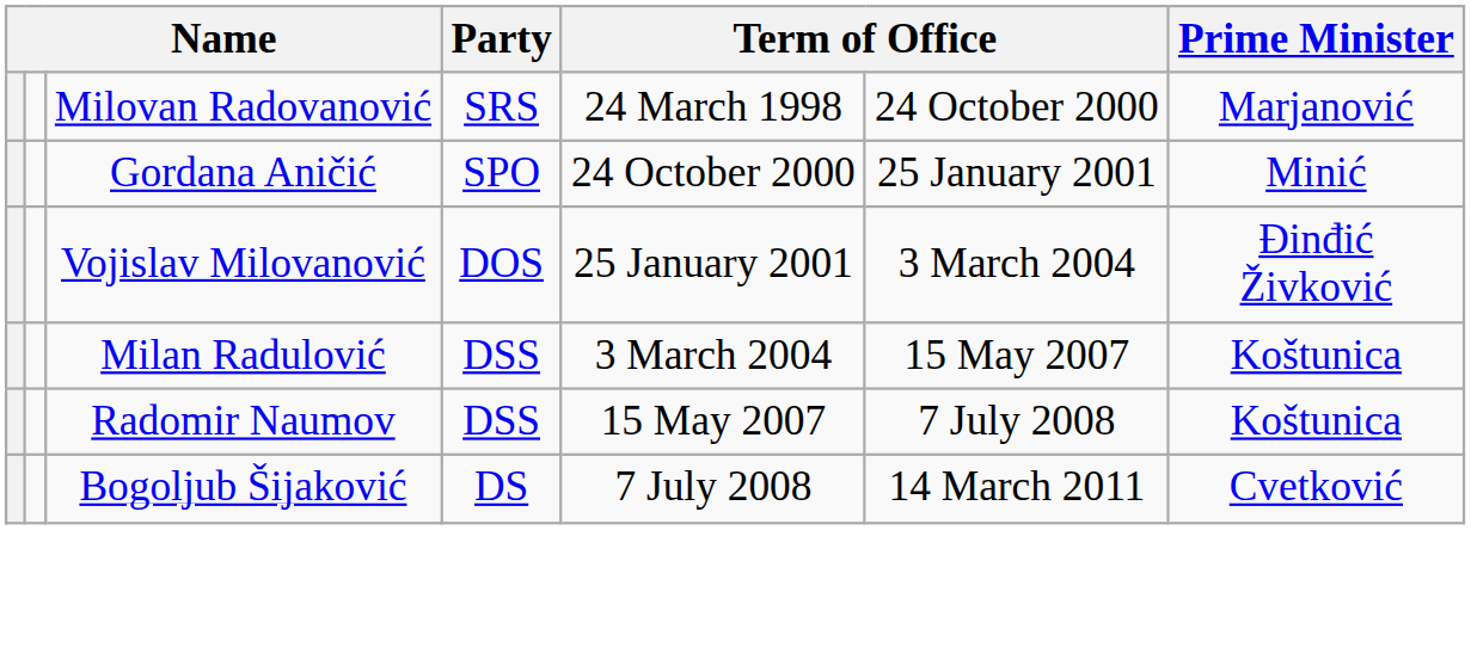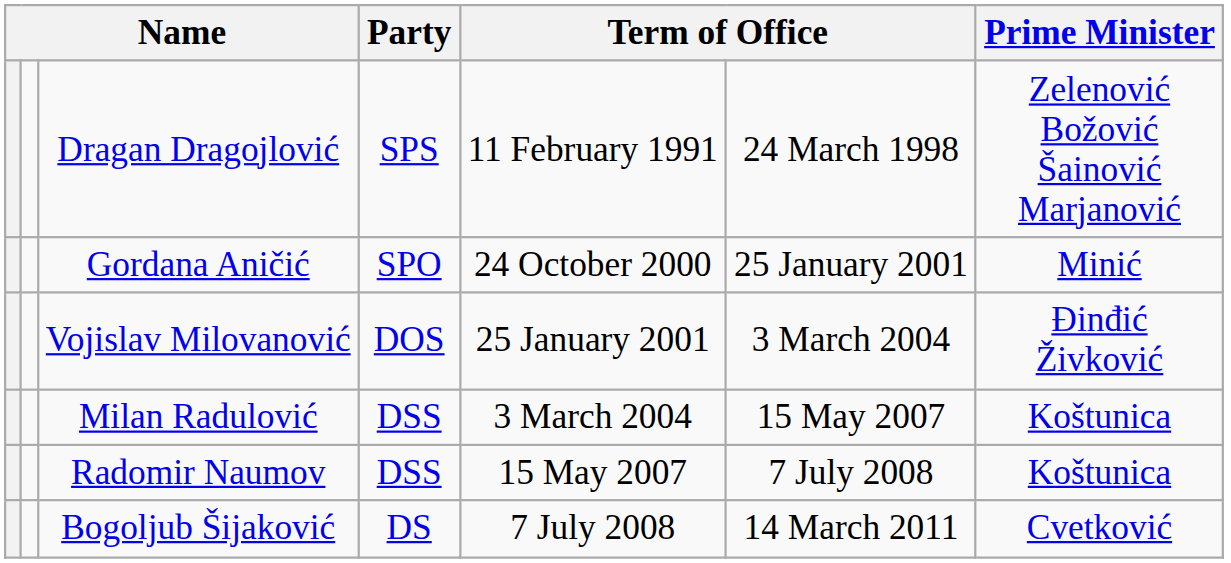 <table class="wikitable" style="text-align:center;">
 <tr>
 <th colspan=3>Name<br></th>
 <th>Party</th>
 <th colspan=2>Term of Office</th>
 <th><a href='#'>Prime Minister</a><br></th>
 </tr>
 <tr>
 <th style="background:"></th>
 <td></td>
-<td><a href='#'>Milovan Radovanović</a><br></td>
-<td><a href='#'>SRS</a></td>
+<td><a href='#'>Dragan Dragojlović</a><br></td>
+<td><a href='#'>SPS</a></td>
+<td>11 February 1991</td>
 <td>24 March 1998</td>
-<td>24 October 2000</td>
-<td><a href='#'>Marjanović</a> </td>
+<td><a href='#'>Zelenović</a> <br><a href='#'>Božović</a> <br><a href='#'>Šainović</a> <br><a href='#'>Marjanović</a> </td>
 </tr>
 <tr>
 <th style="background:"></th>
 <td></td>
 <td><a href='#'>Gordana Aničić</a><br></td>
 <td><a href='#'>SPO</a></td>
 <td>24 October 2000</td>
 <td>25 January 2001</td>
 <td><a href='#'>Minić</a> </td>
 </tr>
 <tr>
 <th style="background:"></th>
 <td></td>
 <td><a href='#'>Vojislav Milovanović</a><br></td>
 <td><a href='#'>DOS</a></td>
 <td>25 January 2001</td>
 <td>3 March 2004</td>
 <td><a href='#'>Đinđić</a> <br><a href='#'>Živković</a> </td>
 </tr>
 <tr>
 <th style="background:"></th>
 <td></td>
 <td><a href='#'>Milan Radulović</a><br></td>
 <td><a href='#'>DSS</a></td>
 <td>3 March 2004</td>
 <td>15 May 2007</td>
 <td><a href='#'>Koštunica</a> </td>
 </tr>
 <tr>
 <th style="background:"></th>
 <td></td>
 <td><a href='#'>Radomir Naumov</a><br></td>
 <td><a href='#'>DSS</a></td>
 <td>15 May 2007</td>
 <td>7 July 2008</td>
 <td><a href='#'>Koštunica</a> </td>
 </tr>
 <tr>
 <th style="background:"></th>
 <td></td>
 <td><a href='#'>Bogoljub Šijaković</a><br></td>
 <td><a href='#'>DS</a></td>
 <td>7 July 2008</td>
 <td>14 March 2011</td>
 <td><a href='#'>Cvetković</a> </td>
 </tr>
 </table>
